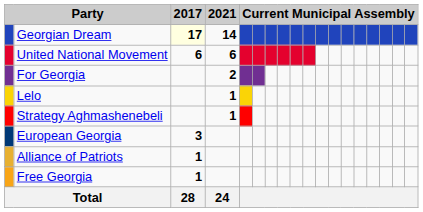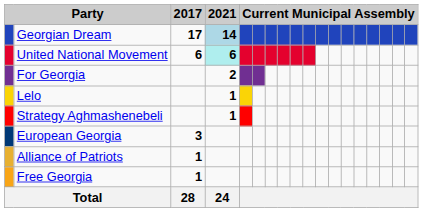 <table class="wikitable">
 <tr>
 <th style="background:#ccc" colspan="2">Party</th>
 <th style="background:#ccc">2017</th>
 <th style="background:#ccc">2021</th>
 <th style="background:#ccc" colspan="45">Current Municipal Assembly</th>
 </tr>
 <tr>
 <td style="background-color: #2044bc"> </td>
 <td><a href='#'>Georgian Dream</a></td>
-<td style="background: lightyellow; text-align: right"><strong>17</strong></td>
-<td style="text-align: right"><strong>14</strong></td>
+<td style="text-align: right"><strong>17</strong></td>
+<td style="background: lightblue; text-align: right"><strong>14</strong></td>
 <td style="background-color: #2044bc"></td>
 <td style="background-color: #2044bc"> </td>
 <td style="background-color: #2044bc"> </td>
 <td style="background-color: #2044bc"> </td>
 <td style="background-color: #2044bc"> </td>
 <td style="background-color: #2044bc"> </td>
 <td style="background-color: #2044bc"> </td>
 <td style="background-color: #2044bc"> </td>
 <td style="background-color: #2044bc"> </td>
 <td style="background-color: #2044bc"> </td>
 <td style="background-color: #2044bc"> </td>
 <td style="background-color: #2044bc"> </td>
 <td style="background-color: #2044bc"> </td>
 <td style="background-color: #2044bc"> </td>
 </tr>
 <tr>
 <td style="background-color: #e4012e"> </td>
 <td><a href='#'>United National Movement</a></td>
 <td style="text-align: right"><strong>6</strong></td>
-<td style="text-align: right"><strong>6</strong></td>
+<td style="background: paleturquoise; text-align: right"><strong>6</strong></td>
 <td style="background-color: #e4012e"> </td>
 <td style="background-color: #e4012e"> </td>
 <td style="background-color: #e4012e"> </td>
 <td style="background-color: #e4012e"> </td>
 <td style="background-color: #e4012e"> </td>
 <td style="background-color: #e4012e"> </td>
 <td></td>
 <td></td>
 <td></td>
 <td></td>
 <td></td>
 <td></td>
 <td></td>
 <td></td>
 </tr>
 <tr>
 <td style="background-color: #702F92"> </td>
 <td><a href='#'>For Georgia</a></td>
 <td></td>
 <td style="text-align: right"><strong>2</strong></td>
 <td style="background-color: #702f92"> </td>
 <td style="background-color: #702f92"> </td>
 <td></td>
 <td></td>
 <td></td>
 <td></td>
 <td></td>
 <td></td>
 <td></td>
 <td></td>
 <td></td>
 <td></td>
 <td></td>
 <td></td>
 </tr>
 <tr>
 <td style="background-color: #fad406"> </td>
 <td><a href='#'>Lelo</a></td>
 <td></td>
 <td style="text-align: right"><strong>1</strong></td>
 <td style="background-color: #fad406"> </td>
 <td></td>
 <td></td>
 <td></td>
 <td></td>
 <td></td>
 <td></td>
 <td></td>
 <td></td>
 <td></td>
 <td></td>
 <td></td>
 <td></td>
 <td></td>
 </tr>
 <tr>
 <td style="background-color: #ff0000"> </td>
 <td><a href='#'>Strategy Aghmashenebeli</a></td>
 <td></td>
 <td style="text-align: right"><strong>1</strong></td>
 <td style="background-color: #ff0000"> </td>
 <td></td>
 <td></td>
 <td></td>
 <td></td>
 <td></td>
 <td></td>
 <td></td>
 <td></td>
 <td></td>
 <td></td>
 <td></td>
 <td></td>
 <td></td>
 </tr>
 <tr>
 <td style="background-color: #003876"> </td>
 <td><a href='#'>European Georgia</a></td>
 <td style="text-align: right"><strong>3</strong></td>
 <td></td>
 <td></td>
 <td></td>
 <td></td>
 <td></td>
 <td></td>
 <td></td>
 <td></td>
 <td></td>
 <td></td>
 <td></td>
 <td></td>
 <td></td>
 <td></td>
 <td></td>
 </tr>
 <tr>
 <td style="background-color: #e7b031"> </td>
 <td><a href='#'>Alliance of Patriots</a></td>
 <td style="text-align: right"><strong>1</strong></td>
 <td></td>
 <td></td>
 <td></td>
 <td></td>
 <td></td>
 <td></td>
 <td></td>
 <td></td>
 <td></td>
 <td></td>
 <td></td>
 <td></td>
 <td></td>
 <td></td>
 <td></td>
 </tr>
 <tr>
 <td style="background-color: #f8A517"> </td>
 <td><a href='#'>Free Georgia</a></td>
 <td style="text-align: right"><strong>1</strong></td>
 <td></td>
 <td></td>
 <td></td>
 <td></td>
 <td></td>
 <td></td>
 <td></td>
 <td></td>
 <td></td>
 <td></td>
 <td></td>
 <td></td>
 <td></td>
 <td></td>
 <td></td>
 </tr>
 <tr>
 <th colspan=2>Total</th>
 <th align=right>28</th>
 <th align=right>24</th>
 <th colspan=45> </th>
 </tr>
 </table>
